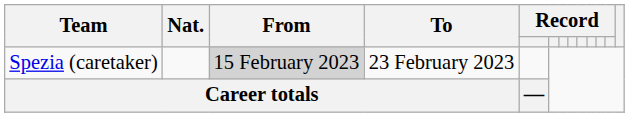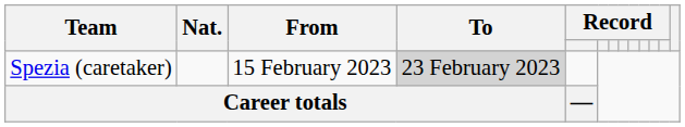 <table class="wikitable" style="text-align: center">
 <tr>
 <th rowspan="2">Team</th>
 <th rowspan="2">Nat.</th>
 <th rowspan="2">From</th>
 <th rowspan="2">To</th>
 <th colspan="8">Record</th>
 <th rowspan=2></th>
 </tr>
 <tr>
 <th></th>
 <th></th>
 <th></th>
 <th></th>
 <th></th>
 <th></th>
 <th></th>
 <th></th>
 </tr>
 <tr>
 <td align=left><a href='#'>Spezia</a> (caretaker)</td>
 <td></td>
-<td align=left style="background: lightgrey;">15 February 2023</td>
-<td align=left>23 February 2023<br></td>
+<td align=left>15 February 2023</td>
+<td align=left style="background: lightgrey;">23 February 2023<br></td>
 <td></td>
 </tr>
 <tr>
 <th colspan=4>Career totals<br></th>
 <th>—</th>
 </tr>
 </table>
